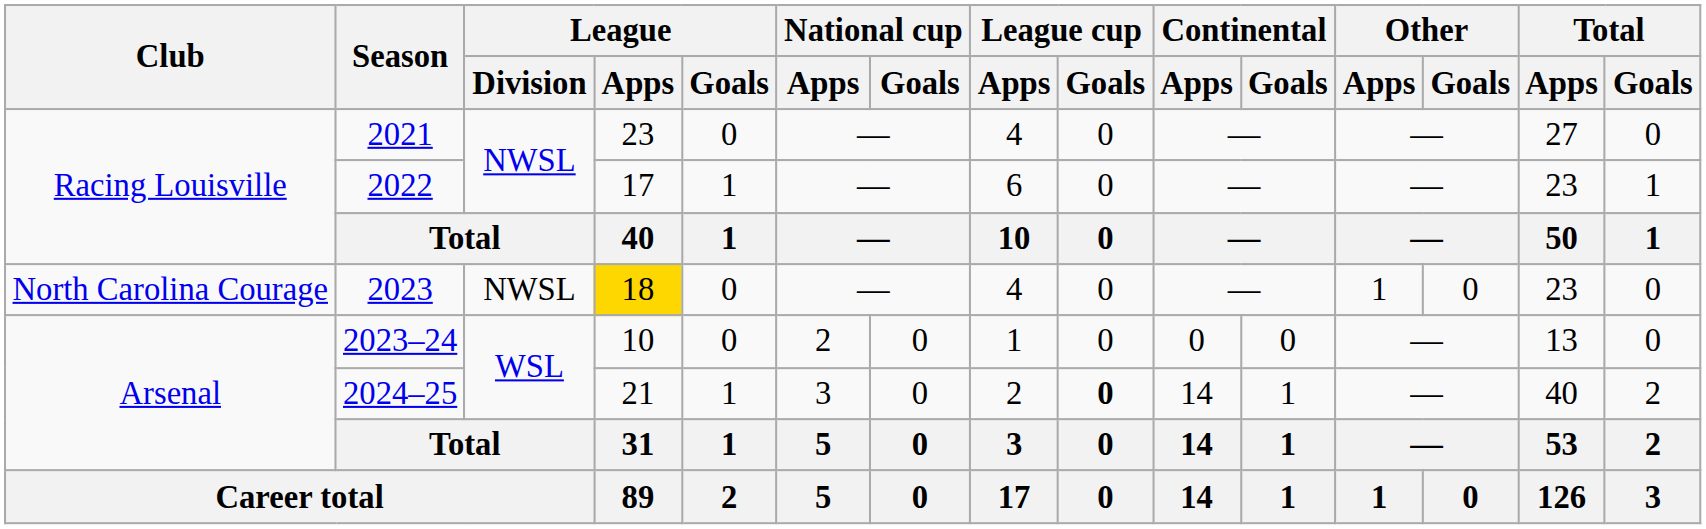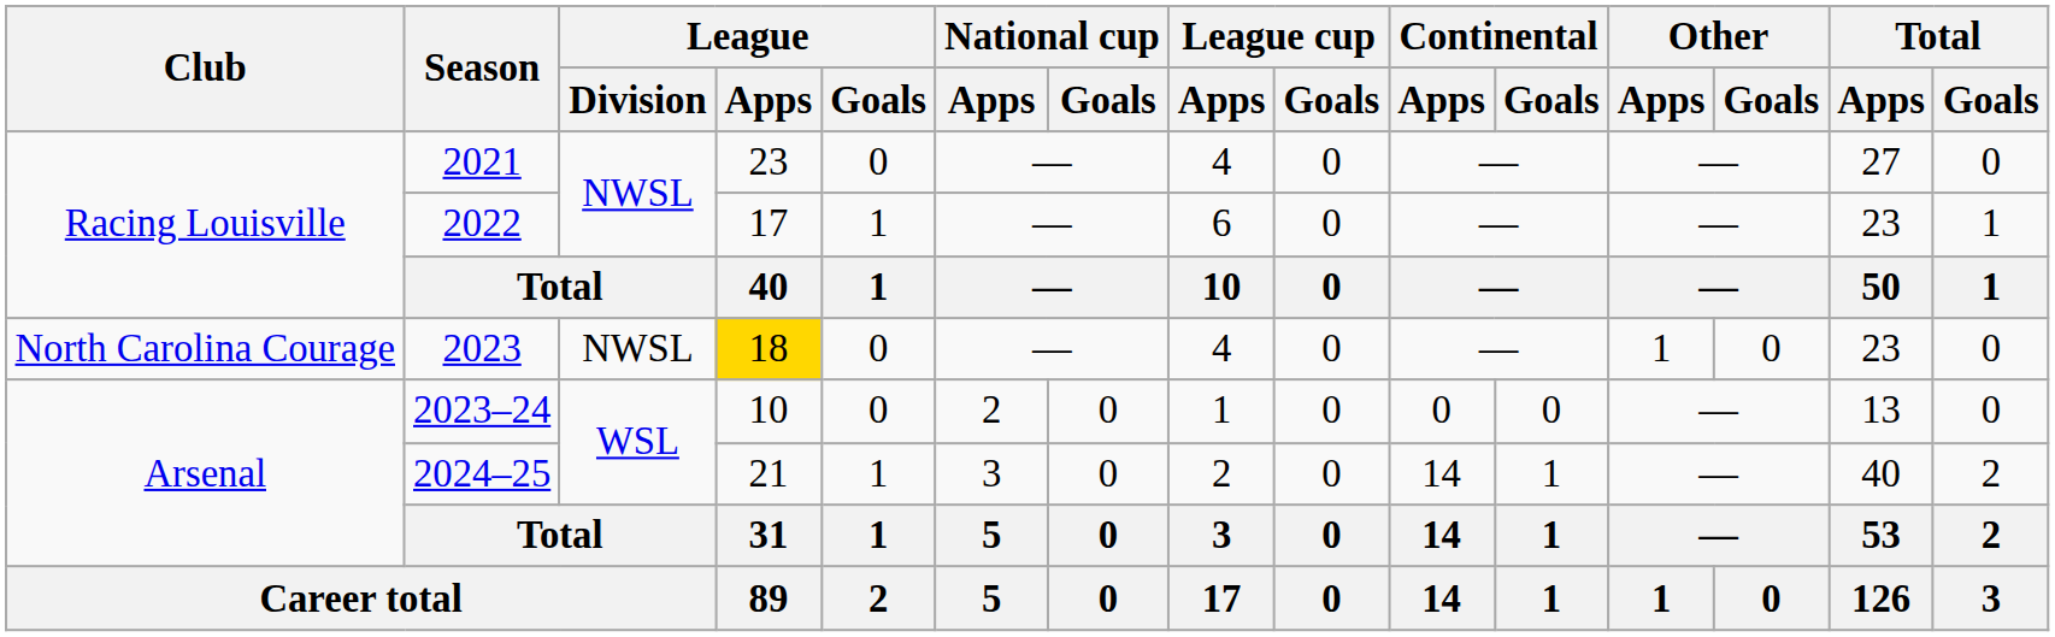 <table class="wikitable" style="text-align: center;">
 <tr>
 <th rowspan="2">Club</th>
 <th rowspan="2">Season</th>
 <th colspan="3">League</th>
 <th colspan="2">National cup</th>
 <th colspan="2">League cup</th>
 <th colspan="2">Continental</th>
 <th colspan="2">Other</th>
 <th colspan="2">Total</th>
 </tr>
 <tr>
 <th>Division</th>
 <th>Apps</th>
 <th>Goals</th>
 <th>Apps</th>
 <th>Goals</th>
 <th>Apps</th>
 <th>Goals</th>
 <th>Apps</th>
 <th>Goals</th>
 <th>Apps</th>
 <th>Goals</th>
 <th>Apps</th>
 <th>Goals</th>
 </tr>
 <tr>
 <td rowspan="3"><a href='#'>Racing Louisville</a></td>
 <td><a href='#'>2021</a></td>
 <td rowspan="2"><a href='#'>NWSL</a></td>
 <td>23</td>
 <td>0</td>
 <td colspan="2">—</td>
 <td>4</td>
 <td>0</td>
 <td colspan="2">—</td>
 <td colspan="2">—</td>
 <td>27</td>
 <td>0</td>
 </tr>
 <tr>
 <td><a href='#'>2022</a></td>
 <td>17</td>
 <td>1</td>
 <td colspan="2">—</td>
 <td>6</td>
 <td>0</td>
 <td colspan="2">—</td>
 <td colspan="2">—</td>
 <td>23</td>
 <td>1</td>
 </tr>
 <tr>
 <th colspan="2">Total</th>
 <th>40</th>
 <th>1</th>
 <th colspan="2">—</th>
 <th>10</th>
 <th>0</th>
 <th colspan="2">—</th>
 <th colspan="2">—</th>
 <th>50</th>
 <th>1</th>
 </tr>
 <tr>
 <td><a href='#'>North Carolina Courage</a></td>
 <td><a href='#'>2023</a></td>
 <td>NWSL</td>
 <td style="background: gold;">18</td>
 <td>0</td>
 <td colspan="2">—</td>
 <td>4</td>
 <td>0</td>
 <td colspan="2">—</td>
 <td>1</td>
 <td>0</td>
 <td>23</td>
 <td>0</td>
 </tr>
 <tr>
 <td rowspan="3"><a href='#'>Arsenal</a></td>
 <td><a href='#'>2023–24</a></td>
 <td rowspan="2"><a href='#'>WSL</a></td>
 <td>10</td>
 <td>0</td>
 <td>2</td>
 <td>0</td>
 <td>1</td>
 <td>0</td>
 <td>0</td>
 <td>0</td>
 <td colspan="2">—</td>
 <td>13</td>
 <td>0</td>
 </tr>
 <tr>
 <td><a href='#'>2024–25</a></td>
 <td>21</td>
 <td>1</td>
 <td>3</td>
 <td>0</td>
 <td>2</td>
-<td><strong>0</strong></td>
+<td>0</td>
 <td>14</td>
 <td>1</td>
 <td colspan="2">—</td>
 <td>40</td>
 <td>2</td>
 </tr>
 <tr>
 <th colspan="2">Total</th>
 <th>31</th>
 <th>1</th>
 <th>5</th>
 <th>0</th>
 <th>3</th>
 <th>0</th>
 <th>14</th>
 <th>1</th>
 <th colspan="2">—</th>
 <th>53</th>
 <th>2</th>
 </tr>
 <tr>
 <th colspan="3">Career total</th>
 <th>89</th>
 <th>2</th>
 <th>5</th>
 <th>0</th>
 <th>17</th>
 <th>0</th>
 <th>14</th>
 <th>1</th>
 <th>1</th>
 <th>0</th>
 <th>126</th>
 <th>3</th>
 </tr>
 </table>
